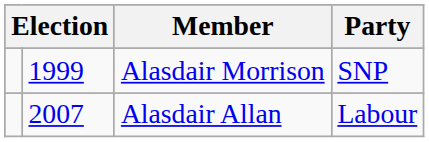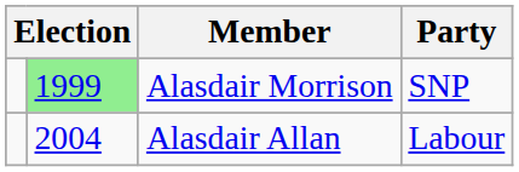 <table class="wikitable">
 <tr>
 <th colspan="2">Election</th>
 <th>Member</th>
 <th>Party</th>
 </tr>
 <tr>
 <td style="background-color: "></td>
-<td><a href='#'>1999</a></td>
+<td style="background: lightgreen;"><a href='#'>1999</a></td>
 <td><a href='#'>Alasdair Morrison</a></td>
 <td><a href='#'>SNP</a></td>
 </tr>
 <tr>
 <td style="background-color: "></td>
-<td><a href='#'>2007</a></td>
+<td><a href='#'>2004</a></td>
 <td><a href='#'>Alasdair Allan</a></td>
 <td><a href='#'>Labour</a></td>
 </tr>
 </table>
